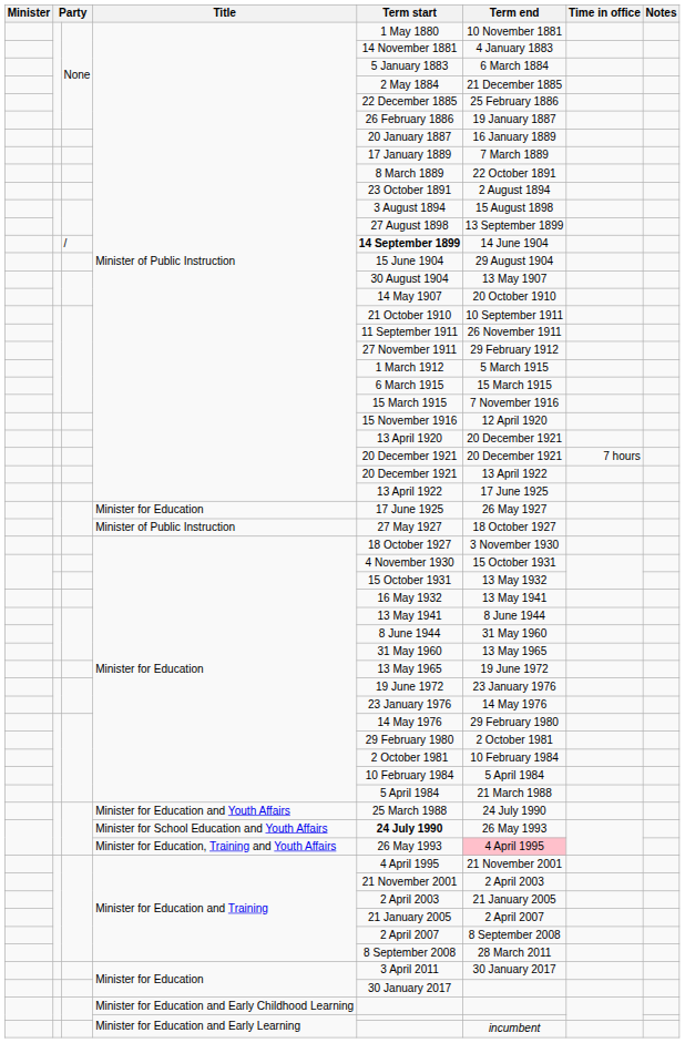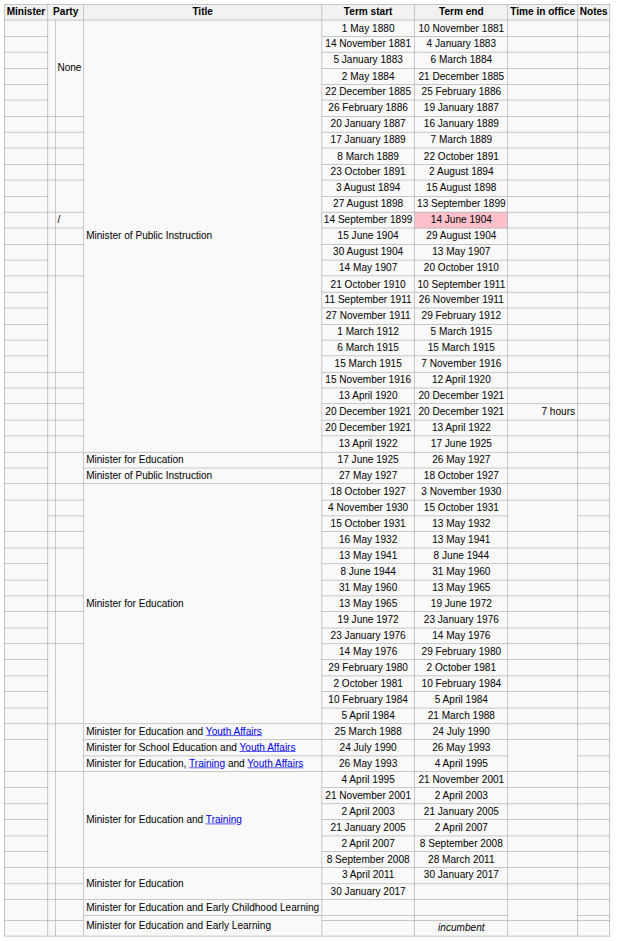 <table class="wikitable sortable">
 <tr>
 <th>Minister</th>
 <th colspan="2">Party</th>
 <th>Title</th>
 <th data-sort-type="date">Term start</th>
 <th data-sort-type=date>Term end</th>
 <th>Time in office</th>
 <th class="unsortable">Notes</th>
 </tr>
 <tr>
 <td></td>
 <td rowspan="6"></td>
 <td rowspan="6">None</td>
 <td rowspan="27">Minister of Public Instruction</td>
 <td align="center">1 May 1880</td>
 <td align="center">10 November 1881</td>
 <td align="right"></td>
 <td align="center"></td>
 </tr>
 <tr>
 <td></td>
 <td align="center">14 November 1881</td>
 <td align="center">4 January 1883</td>
 <td align="right"></td>
 <td align="center"></td>
 </tr>
 <tr>
 <td></td>
 <td align="center">5 January 1883</td>
 <td align="center">6 March 1884</td>
 <td align="right"></td>
 <td align="center"></td>
 </tr>
 <tr>
 <td></td>
 <td align="center">2 May 1884</td>
 <td align="center">21 December 1885</td>
 <td align="right"></td>
 <td align="center"></td>
 </tr>
 <tr>
 <td></td>
 <td align="center">22 December 1885</td>
 <td align="center">25 February 1886</td>
 <td align="right"></td>
 <td align="center"></td>
 </tr>
 <tr>
 <td></td>
 <td align="center">26 February 1886</td>
 <td align="center">19 January 1887</td>
 <td align="right"></td>
 <td align="center"></td>
 </tr>
 <tr>
 <td></td>
 <td> </td>
 <td></td>
 <td align="center">20 January 1887</td>
 <td align="center">16 January 1889</td>
 <td align="right"></td>
 <td align="center"></td>
 </tr>
 <tr>
 <td></td>
 <td> </td>
 <td></td>
 <td align="center">17 January 1889</td>
 <td align="center">7 March 1889</td>
 <td align="right"></td>
 <td align="center"></td>
 </tr>
 <tr>
 <td></td>
 <td> </td>
 <td></td>
 <td align="center">8 March 1889</td>
 <td align="center">22 October 1891</td>
 <td align="right"></td>
 <td align="center"></td>
 </tr>
 <tr>
 <td></td>
 <td> </td>
 <td></td>
 <td align="center">23 October 1891</td>
 <td align="center">2 August 1894</td>
 <td align="right"></td>
 <td align="center"></td>
 </tr>
 <tr>
 <td></td>
 <td rowspan="2" > </td>
 <td rowspan="2"></td>
 <td align="center">3 August 1894</td>
 <td align="center">15 August 1898</td>
 <td align="right"></td>
 <td align="center"></td>
 </tr>
 <tr>
 <td></td>
 <td align="center">27 August 1898</td>
 <td align="center">13 September 1899</td>
 <td align="right"></td>
 <td align="center"></td>
 </tr>
 <tr>
 <td></td>
 <td> </td>
 <td> / </td>
-<td align="center"><strong>14 September 1899</strong></td>
-<td align="center">14 June 1904</td>
+<td align="center">14 September 1899</td>
+<td align="center" style="background: pink;">14 June 1904</td>
 <td align="right"></td>
 <td align="center"></td>
 </tr>
 <tr>
 <td></td>
 <td> </td>
 <td></td>
 <td align="center">15 June 1904</td>
 <td align="center">29 August 1904</td>
 <td align="right"></td>
 <td align="center"></td>
 </tr>
 <tr>
 <td></td>
 <td rowspan="2" > </td>
 <td rowspan="2"></td>
 <td align="center">30 August 1904</td>
 <td align="center">13 May 1907</td>
 <td align="right"></td>
 <td align="center"></td>
 </tr>
 <tr>
 <td></td>
 <td align="center">14 May 1907</td>
 <td align="center">20 October 1910</td>
 <td align="right"></td>
 <td align="center"></td>
 </tr>
 <tr>
 <td></td>
 <td rowspan="6" > </td>
 <td rowspan="6"></td>
 <td align="center">21 October 1910</td>
 <td align="center">10 September 1911</td>
 <td align="right"></td>
 <td align="center"></td>
 </tr>
 <tr>
 <td></td>
 <td align="center">11 September 1911</td>
 <td align="center">26 November 1911</td>
 <td align="right"></td>
 <td align="center"></td>
 </tr>
 <tr>
 <td></td>
 <td align="center">27 November 1911</td>
 <td align="center">29 February 1912</td>
 <td align="right"></td>
 <td align="center"></td>
 </tr>
 <tr>
 <td></td>
 <td align="center">1 March 1912</td>
 <td align="center">5 March 1915</td>
 <td align="right"></td>
 <td align="center"></td>
 </tr>
 <tr>
 <td></td>
 <td align="center">6 March 1915</td>
 <td align="center">15 March 1915</td>
 <td align="right"></td>
 <td align="center"></td>
 </tr>
 <tr>
 <td></td>
 <td align="center">15 March 1915</td>
 <td align="center">7 November 1916</td>
 <td align="right"></td>
 <td align="center"></td>
 </tr>
 <tr>
 <td></td>
 <td> </td>
 <td></td>
 <td align="center">15 November 1916</td>
 <td align="center">12 April 1920</td>
 <td align="right"></td>
 <td align="center"></td>
 </tr>
 <tr>
 <td></td>
 <td> </td>
 <td></td>
 <td align="center">13 April 1920</td>
 <td align="center">20 December 1921</td>
 <td align="right"></td>
 <td align="center"></td>
 </tr>
 <tr>
 <td></td>
 <td> </td>
 <td></td>
 <td align="center">20 December 1921</td>
 <td align="center">20 December 1921</td>
 <td align=right> 7 hours</td>
 <td></td>
 </tr>
 <tr>
 <td></td>
 <td> </td>
 <td></td>
 <td align="center">20 December 1921</td>
 <td align="center">13 April 1922</td>
 <td align="right"></td>
 <td align="center"></td>
 </tr>
 <tr>
 <td></td>
 <td> </td>
 <td></td>
 <td align="center">13 April 1922</td>
 <td align="center">17 June 1925</td>
 <td align="right"></td>
 <td align="center"></td>
 </tr>
 <tr>
 <td></td>
 <td rowspan="2" > </td>
 <td rowspan="2"></td>
 <td>Minister for Education</td>
 <td align="center">17 June 1925</td>
 <td align="center">26 May 1927</td>
 <td align="right"></td>
 <td align="center"></td>
 </tr>
 <tr>
 <td></td>
 <td>Minister of Public Instruction</td>
 <td align="center">27 May 1927</td>
 <td align="center">18 October 1927</td>
 <td align="right"></td>
 <td align="center"></td>
 </tr>
 <tr>
 <td></td>
 <td> </td>
 <td></td>
 <td rowspan="15">Minister for Education</td>
 <td align="center">18 October 1927</td>
 <td align="center">3 November 1930</td>
 <td align="right"></td>
 <td align="center"></td>
 </tr>
 <tr>
 <td rowspan="2"></td>
 <td> </td>
 <td></td>
 <td align="center">4 November 1930</td>
 <td align="center">15 October 1931</td>
 <td rowspan=2 align=right></td>
 <td></td>
 </tr>
 <tr>
 <td> </td>
 <td></td>
 <td align="center">15 October 1931</td>
 <td align="center">13 May 1932</td>
 <td></td>
 </tr>
 <tr>
 <td></td>
 <td> </td>
 <td></td>
 <td align="center">16 May 1932</td>
 <td align="center">13 May 1941</td>
 <td align=right></td>
 <td></td>
 </tr>
 <tr>
 <td></td>
 <td rowspan="3" > </td>
 <td rowspan="3"></td>
 <td align="center">13 May 1941</td>
 <td align="center">8 June 1944</td>
 <td align=right></td>
 <td></td>
 </tr>
 <tr>
 <td></td>
 <td align="center">8 June 1944</td>
 <td align="center">31 May 1960</td>
 <td align=right><strong></strong></td>
 <td></td>
 </tr>
 <tr>
 <td></td>
 <td align="center">31 May 1960</td>
 <td align="center">13 May 1965</td>
 <td align="right"></td>
 <td align="center"></td>
 </tr>
 <tr>
 <td></td>
 <td> </td>
 <td></td>
 <td align="center">13 May 1965</td>
 <td align="center">19 June 1972</td>
 <td align="right"></td>
 <td align="center"></td>
 </tr>
 <tr>
 <td></td>
 <td rowspan="2" > </td>
 <td rowspan="2"></td>
 <td align="center">19 June 1972</td>
 <td align="center">23 January 1976</td>
 <td align="right"></td>
 <td align="center"></td>
 </tr>
 <tr>
 <td></td>
 <td align="center">23 January 1976</td>
 <td align="center">14 May 1976</td>
 <td align="right"></td>
 <td align="center"></td>
 </tr>
 <tr>
 <td></td>
 <td rowspan="5" > </td>
 <td rowspan="5"></td>
 <td align="center">14 May 1976</td>
 <td align="center">29 February 1980</td>
 <td align="right"></td>
 <td align="center"></td>
 </tr>
 <tr>
 <td></td>
 <td align="center">29 February 1980</td>
 <td align="center">2 October 1981</td>
 <td align="right"></td>
 <td align="center"></td>
 </tr>
 <tr>
 <td></td>
 <td align="center">2 October 1981</td>
 <td align="center">10 February 1984</td>
 <td align="right"></td>
 <td align="center"></td>
 </tr>
 <tr>
 <td></td>
 <td align="center">10 February 1984</td>
 <td align="center">5 April 1984</td>
 <td align="right"></td>
 <td align="center"></td>
 </tr>
 <tr>
 <td></td>
 <td align="center">5 April 1984</td>
 <td align="center">21 March 1988</td>
 <td align="right"></td>
 <td align="center"></td>
 </tr>
 <tr>
 <td></td>
 <td rowspan="3" > </td>
 <td rowspan="3"></td>
 <td>Minister for Education and <a href='#'>Youth Affairs</a></td>
 <td align="center">25 March 1988</td>
 <td align="center">24 July 1990</td>
 <td align="right"></td>
 <td align="center"></td>
 </tr>
 <tr>
 <td rowspan="2"></td>
 <td>Minister for School Education and <a href='#'>Youth Affairs</a></td>
-<td align="center"><strong>24 July 1990</strong></td>
+<td align="center">24 July 1990</td>
 <td align="center">26 May 1993</td>
 <td rowspan=2 align=right></td>
 <td></td>
 </tr>
 <tr>
 <td>Minister for Education, <a href='#'>Training</a> and <a href='#'>Youth Affairs</a></td>
 <td align="center">26 May 1993</td>
-<td align="center" style="background: pink;">4 April 1995</td>
+<td align="center">4 April 1995</td>
 <td></td>
 </tr>
 <tr>
 <td></td>
 <td rowspan="6" > </td>
 <td rowspan="6"></td>
 <td rowspan="6">Minister for Education and <a href='#'>Training</a></td>
 <td align="center">4 April 1995</td>
 <td align="center">21 November 2001</td>
 <td align=right></td>
 <td></td>
 </tr>
 <tr>
 <td></td>
 <td align="center">21 November 2001</td>
 <td align="center">2 April 2003</td>
 <td align="right"></td>
 <td align="center"></td>
 </tr>
 <tr>
 <td></td>
 <td align="center">2 April 2003</td>
 <td align="center">21 January 2005</td>
 <td align="right"></td>
 <td align="center"></td>
 </tr>
 <tr>
 <td></td>
 <td align="center">21 January 2005</td>
 <td align="center">2 April 2007</td>
 <td align="right"></td>
 <td align="center"></td>
 </tr>
 <tr>
 <td></td>
 <td align="center">2 April 2007</td>
 <td align="center">8 September 2008</td>
 <td align="right"></td>
 <td align="center"></td>
 </tr>
 <tr>
 <td></td>
 <td align="center">8 September 2008</td>
 <td align="center">28 March 2011</td>
 <td align="right"></td>
 <td align="center"></td>
 </tr>
 <tr>
 <td></td>
 <td> </td>
 <td></td>
 <td rowspan="2">Minister for Education</td>
 <td align="center">3 April 2011</td>
 <td align="center">30 January 2017</td>
 <td align=right></td>
 <td></td>
 </tr>
 <tr>
 <td></td>
 <td> </td>
 <td></td>
 <td align="center">30 January 2017</td>
 <td align="center"></td>
 <td align=right></td>
 <td></td>
 </tr>
 <tr>
 <td rowspan="2"></td>
 <td rowspan="2" > </td>
 <td rowspan="2"></td>
 <td>Minister for Education and Early Childhood Learning</td>
 <td align="center"></td>
 <td align="center"></td>
 <td rowspan="2" align="right"></td>
 <td></td>
 </tr>
 <tr>
 <td rowspan="2">Minister for Education and Early Learning</td>
 <td align="center"></td>
 <td align="center"></td>
 <td></td>
 </tr>
 <tr>
 <td></td>
 <td> </td>
 <td></td>
 <td align="center"></td>
 <td align="center"><em>incumbent</em></td>
 <td align=right></td>
 </tr>
 </table>
